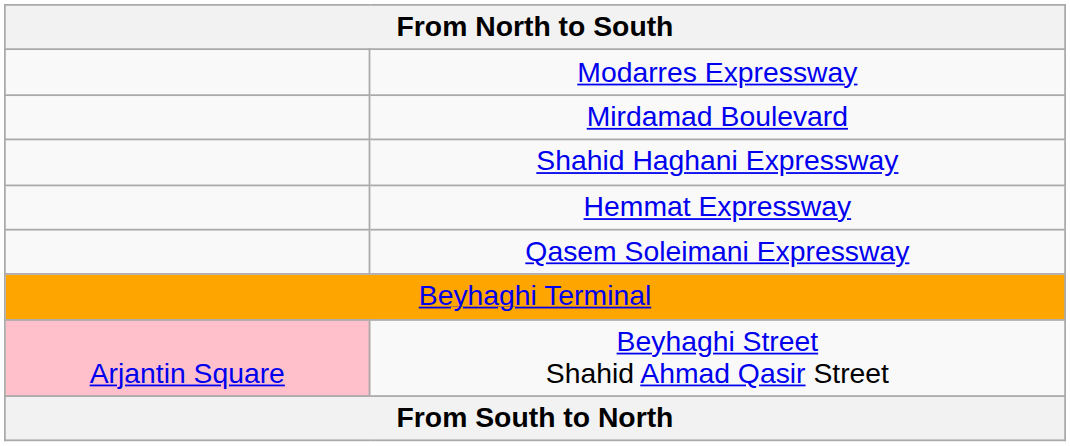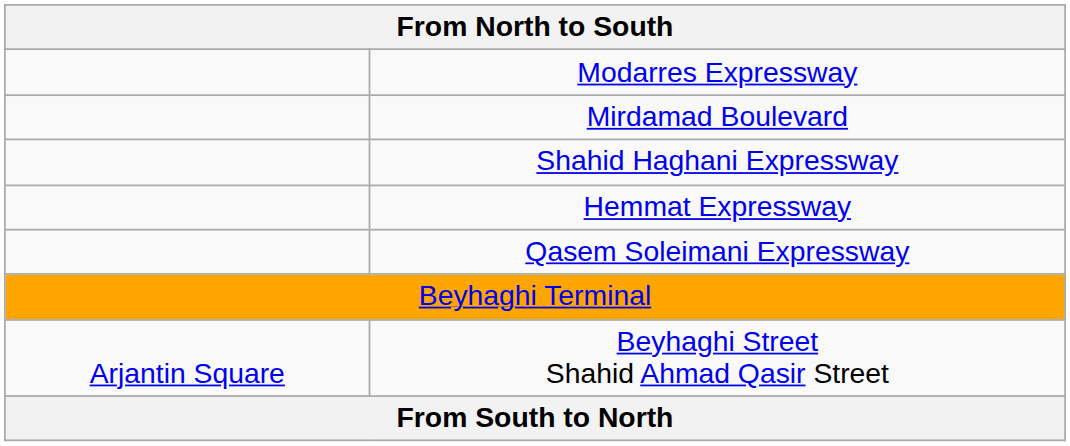 <table class="wikitable" style="text-align:center" width="600px">
 <tr>
 <th text-align="center" colspan="3"> From North to South </th>
 </tr>
 <tr>
 <td></td>
 <td> <a href='#'>Modarres Expressway</a></td>
 </tr>
 <tr>
 <td></td>
 <td> <a href='#'>Mirdamad Boulevard</a></td>
 </tr>
 <tr>
 <td></td>
 <td> <a href='#'>Shahid Haghani Expressway</a></td>
 </tr>
 <tr>
 <td></td>
 <td> <a href='#'>Hemmat Expressway</a></td>
 </tr>
 <tr>
 <td></td>
 <td> <a href='#'>Qasem Soleimani Expressway</a></td>
 </tr>
 <tr>
 <td text-align="center" colspan="3" style="background: orange; color: white;"> <a href='#'>Beyhaghi Terminal</a></td>
 </tr>
 <tr>
-<td style="background: pink;"><br><a href='#'>Arjantin Square</a></td>
+<td><br><a href='#'>Arjantin Square</a></td>
 <td> <a href='#'>Beyhaghi Street</a><br> Shahid <a href='#'>Ahmad Qasir</a> Street</td>
 </tr>
 <tr>
 <th text-align="center" colspan="3"> From South to North </th>
 </tr>
 </table>
